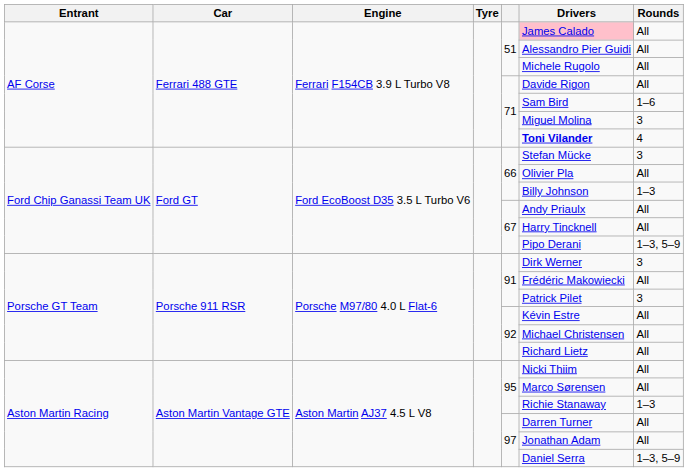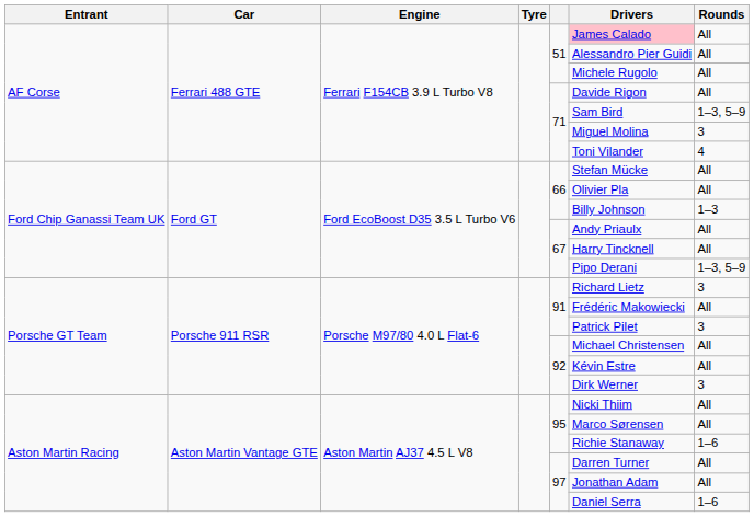 <table class="wikitable" style="font-size: 85%">
 <tr>
 <th>Entrant</th>
 <th>Car</th>
 <th>Engine</th>
 <th>Tyre</th>
 <th></th>
 <th>Drivers</th>
 <th>Rounds</th>
 </tr>
 <tr>
 <td rowspan=7> <a href='#'>AF Corse</a></td>
 <td rowspan=7><a href='#'>Ferrari 488 GTE</a></td>
 <td rowspan=7><a href='#'>Ferrari</a> <a href='#'>F154CB</a> 3.9 L Turbo V8</td>
 <td rowspan=7></td>
 <td rowspan=3>51</td>
 <td style="background: pink;"> <a href='#'>James Calado</a></td>
 <td>All</td>
 </tr>
 <tr>
 <td> <a href='#'>Alessandro Pier Guidi</a></td>
 <td>All</td>
 </tr>
 <tr>
 <td> <a href='#'>Michele Rugolo</a></td>
 <td>All</td>
 </tr>
 <tr>
 <td rowspan=4>71</td>
 <td> <a href='#'>Davide Rigon</a></td>
 <td>All</td>
 </tr>
 <tr>
 <td> <a href='#'>Sam Bird</a></td>
-<td>1–6</td>
+<td>1–3, 5–9</td>
 </tr>
 <tr>
 <td> <a href='#'>Miguel Molina</a></td>
 <td>3</td>
 </tr>
 <tr>
-<td><strong> <a href='#'>Toni Vilander</a></strong></td>
+<td> <a href='#'>Toni Vilander</a></td>
 <td>4</td>
 </tr>
 <tr>
 <td rowspan=6> <a href='#'>Ford Chip Ganassi Team UK</a></td>
 <td rowspan=6><a href='#'>Ford GT</a></td>
 <td rowspan=6><a href='#'>Ford EcoBoost D35</a> 3.5 L Turbo V6</td>
 <td rowspan=6></td>
 <td rowspan=3>66</td>
 <td> <a href='#'>Stefan Mücke</a></td>
-<td>3</td>
+<td>All</td>
 </tr>
 <tr>
 <td> <a href='#'>Olivier Pla</a></td>
 <td>All</td>
 </tr>
 <tr>
 <td> <a href='#'>Billy Johnson</a></td>
 <td>1–3</td>
 </tr>
 <tr>
 <td rowspan=3>67</td>
 <td> <a href='#'>Andy Priaulx</a></td>
 <td>All</td>
 </tr>
 <tr>
 <td> <a href='#'>Harry Tincknell</a></td>
 <td>All</td>
 </tr>
 <tr>
 <td> <a href='#'>Pipo Derani</a></td>
 <td>1–3, 5–9</td>
 </tr>
 <tr>
 <td rowspan=6> <a href='#'>Porsche GT Team</a></td>
 <td rowspan=6><a href='#'>Porsche 911 RSR</a></td>
 <td rowspan=6><a href='#'>Porsche</a> <a href='#'>M97/80</a> 4.0 L <a href='#'>Flat-6</a></td>
 <td rowspan=6></td>
 <td rowspan=3>91</td>
-<td> <a href='#'>Dirk Werner</a></td>
+<td> <a href='#'>Richard Lietz</a></td>
 <td>3</td>
 </tr>
 <tr>
 <td> <a href='#'>Frédéric Makowiecki</a></td>
 <td>All</td>
 </tr>
 <tr>
 <td> <a href='#'>Patrick Pilet</a></td>
 <td>3</td>
 </tr>
 <tr>
 <td rowspan=3>92</td>
+<td> <a href='#'>Michael Christensen</a></td>
+<td>All</td>
+</tr>
+<tr>
 <td> <a href='#'>Kévin Estre</a></td>
 <td>All</td>
 </tr>
 <tr>
-<td> <a href='#'>Michael Christensen</a></td>
-<td>All</td>
-</tr>
-<tr>
-<td> <a href='#'>Richard Lietz</a></td>
-<td>All</td>
+<td> <a href='#'>Dirk Werner</a></td>
+<td>3</td>
 </tr>
 <tr>
 <td rowspan=6> <a href='#'>Aston Martin Racing</a></td>
 <td rowspan=6><a href='#'>Aston Martin Vantage GTE</a></td>
 <td rowspan=6><a href='#'>Aston Martin</a> <a href='#'>AJ37</a> 4.5 L V8</td>
 <td rowspan=6></td>
 <td rowspan=3>95</td>
 <td> <a href='#'>Nicki Thiim</a></td>
 <td>All</td>
 </tr>
 <tr>
 <td> <a href='#'>Marco Sørensen</a></td>
 <td>All</td>
 </tr>
 <tr>
 <td> <a href='#'>Richie Stanaway</a></td>
-<td>1–3</td>
+<td>1–6</td>
 </tr>
 <tr>
 <td rowspan=3>97</td>
 <td> <a href='#'>Darren Turner</a></td>
 <td>All</td>
 </tr>
 <tr>
 <td> <a href='#'>Jonathan Adam</a></td>
 <td>All</td>
 </tr>
 <tr>
 <td> <a href='#'>Daniel Serra</a></td>
-<td>1–3, 5–9</td>
+<td>1–6</td>
 </tr>
 </table>
